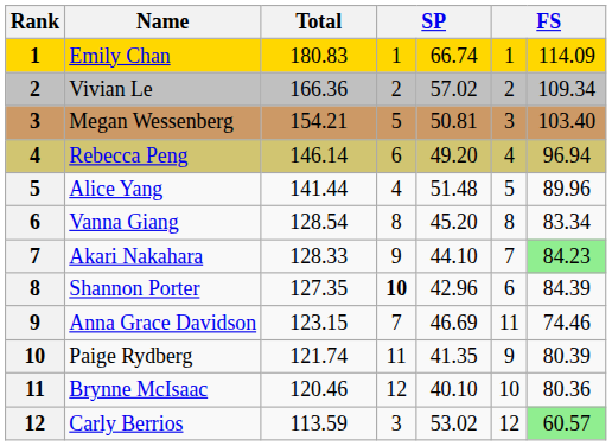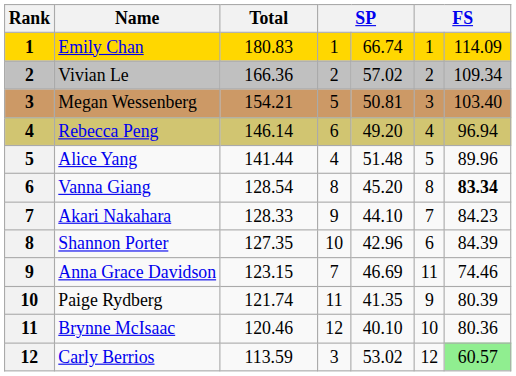 <table class="wikitable sortable">
 <tr>
 <th>Rank</th>
 <th>Name</th>
 <th width="80px">Total</th>
 <th colspan="2" width="80px"><a href='#'>SP</a></th>
 <th colspan="2" width="80px"><a href='#'>FS</a></th>
 </tr>
 <tr bgcolor="gold">
 <td align="center"><strong>1</strong></td>
 <td><a href='#'>Emily Chan</a></td>
 <td align="center">180.83</td>
 <td align="center">1</td>
 <td align="center">66.74</td>
 <td align="center">1</td>
 <td align="center">114.09</td>
 </tr>
 <tr bgcolor="silver">
 <td align="center"><strong>2</strong></td>
 <td>Vivian Le</td>
 <td align="center">166.36</td>
 <td align="center">2</td>
 <td align="center">57.02</td>
 <td align="center">2</td>
 <td align="center">109.34</td>
 </tr>
 <tr bgcolor="cc9966">
 <td align="center"><strong>3</strong></td>
 <td>Megan Wessenberg</td>
 <td align="center">154.21</td>
 <td align="center">5</td>
 <td align="center">50.81</td>
 <td align="center">3</td>
 <td align="center">103.40</td>
 </tr>
 <tr bgcolor="#d1c571">
 <td align="center"><strong>4</strong></td>
 <td><a href='#'>Rebecca Peng</a></td>
 <td align="center">146.14</td>
 <td align="center">6</td>
 <td align="center">49.20</td>
 <td align="center">4</td>
 <td align="center">96.94</td>
 </tr>
 <tr>
 <th>5</th>
 <td><a href='#'>Alice Yang</a></td>
 <td align="center">141.44</td>
 <td align="center">4</td>
 <td align="center">51.48</td>
 <td align="center">5</td>
 <td align="center">89.96</td>
 </tr>
 <tr>
 <th>6</th>
 <td><a href='#'>Vanna Giang</a></td>
 <td align="center">128.54</td>
 <td align="center">8</td>
 <td align="center">45.20</td>
 <td align="center">8</td>
-<td align="center">83.34</td>
+<td align="center"><strong>83.34</strong></td>
 </tr>
 <tr>
 <th>7</th>
 <td><a href='#'>Akari Nakahara</a></td>
 <td align="center">128.33</td>
 <td align="center">9</td>
 <td align="center">44.10</td>
 <td align="center">7</td>
-<td align="center" style="background: lightgreen;">84.23</td>
+<td align="center">84.23</td>
 </tr>
 <tr>
 <th>8</th>
 <td><a href='#'>Shannon Porter</a></td>
 <td align="center">127.35</td>
-<td align="center"><strong>10</strong></td>
+<td align="center">10</td>
 <td align="center">42.96</td>
 <td align="center">6</td>
 <td align="center">84.39</td>
 </tr>
 <tr>
 <th>9</th>
 <td><a href='#'>Anna Grace Davidson</a></td>
 <td align="center">123.15</td>
 <td align="center">7</td>
 <td align="center">46.69</td>
 <td align="center">11</td>
 <td align="center">74.46</td>
 </tr>
 <tr>
 <th>10</th>
 <td>Paige Rydberg</td>
 <td align="center">121.74</td>
 <td align="center">11</td>
 <td align="center">41.35</td>
 <td align="center">9</td>
 <td align="center">80.39</td>
 </tr>
 <tr>
 <th>11</th>
 <td><a href='#'>Brynne McIsaac</a></td>
 <td align="center">120.46</td>
 <td align="center">12</td>
 <td align="center">40.10</td>
 <td align="center">10</td>
 <td align="center">80.36</td>
 </tr>
 <tr>
 <th>12</th>
 <td><a href='#'>Carly Berrios</a></td>
 <td align="center">113.59</td>
 <td align="center">3</td>
 <td align="center">53.02</td>
 <td align="center">12</td>
 <td align="center" style="background: lightgreen;">60.57</td>
 </tr>
 </table>
